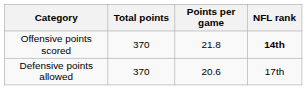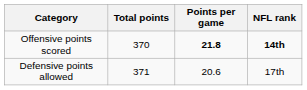 <table class="wikitable" style="text-align:center">
 <tr>
 <th width="160">Category</th>
 <th width="100">Total points</th>
 <th width="110">Points per game</th>
 <th width="80">NFL rank<br></th>
 </tr>
 <tr>
 <td>Offensive points scored</td>
 <td>370</td>
-<td>21.8</td>
+<td><strong>21.8</strong></td>
 <td><strong>14th</strong></td>
 </tr>
 <tr>
 <td>Defensive points allowed</td>
-<td>370</td>
+<td>371</td>
 <td>20.6</td>
 <td>17th</td>
 </tr>
 </table>
